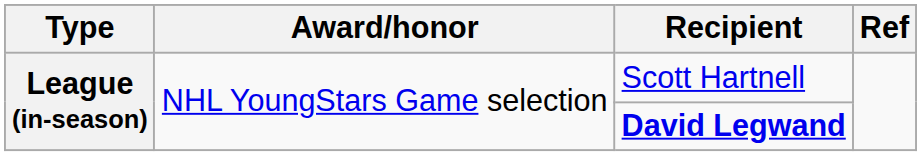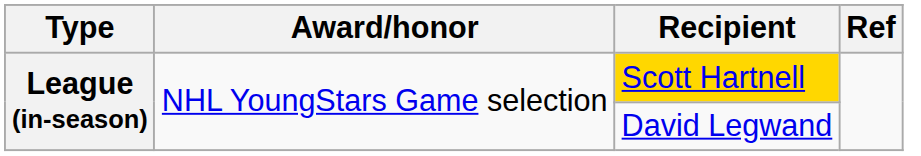 <table class="wikitable">
 <tr>
 <th scope="col">Type</th>
 <th scope="col">Award/honor</th>
 <th scope="col">Recipient</th>
 <th scope="col">Ref</th>
 </tr>
 <tr>
 <th scope="row" rowspan="2">League<br><small>(in-season)</small></th>
 <td rowspan="8"><a href='#'>NHL YoungStars Game</a> selection</td>
-<td><a href='#'>Scott Hartnell</a></td>
+<td style="background: gold;"><a href='#'>Scott Hartnell</a></td>
 <td rowspan="8"></td>
 </tr>
 <tr>
-<td><strong><a href='#'>David Legwand</a></strong></td>
+<td><a href='#'>David Legwand</a></td>
 </tr>
 </table>
